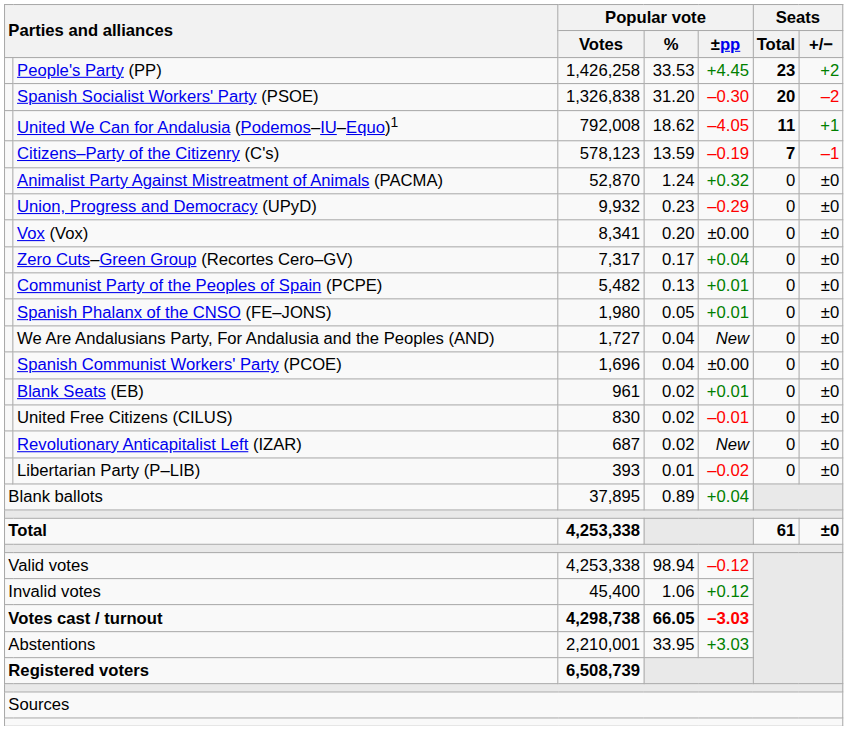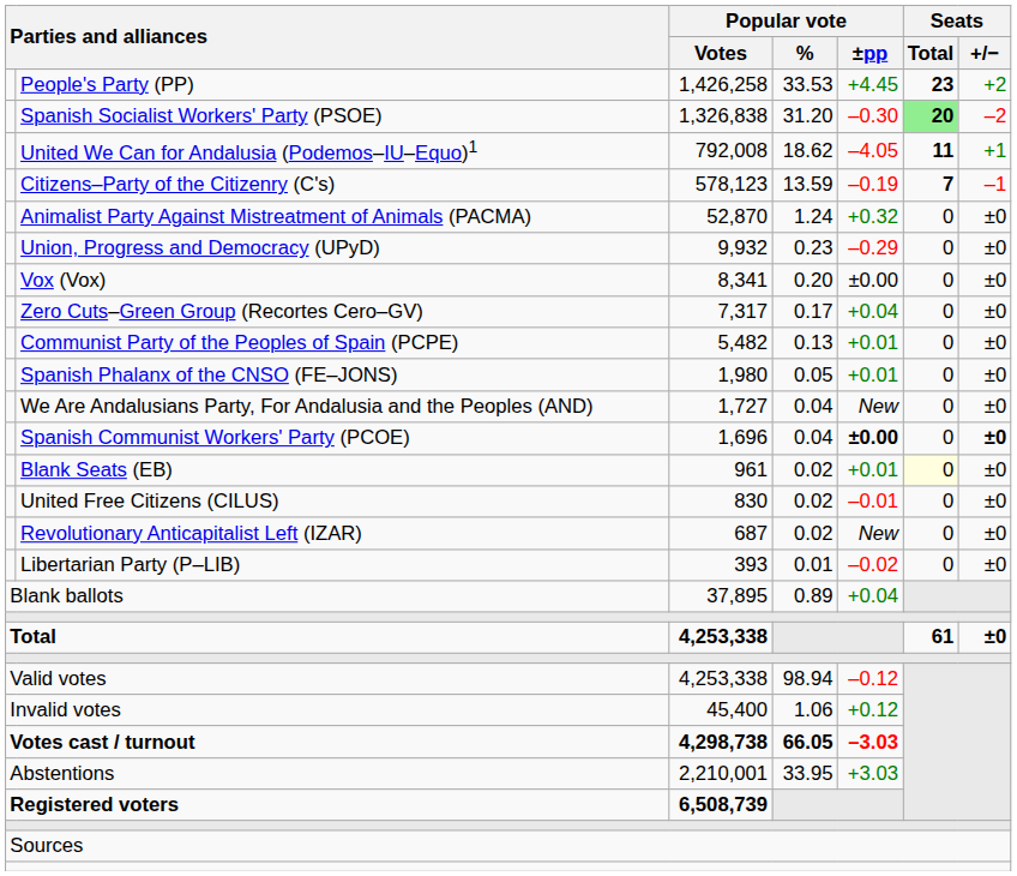 <table class="wikitable" style="text-align:right;">
 <tr>
 <th style="text-align:left;" rowspan="2" colspan="2" width="525">Parties and alliances</th>
 <th colspan="3">Popular vote</th>
 <th colspan="2">Seats</th>
 </tr>
 <tr>
 <th width="75">Votes</th>
 <th width="45">%</th>
 <th width="45">±<a href='#'>pp</a></th>
 <th width="35">Total</th>
 <th width="35">+/−</th>
 </tr>
 <tr>
 <td width="1" style="color:inherit;background:"></td>
 <td align="left"><a href='#'>People's Party</a> (PP)</td>
 <td>1,426,258</td>
 <td>33.53</td>
 <td style="color:green;">+4.45</td>
 <td><strong>23</strong></td>
 <td style="color:green;">+2</td>
 </tr>
 <tr>
 <td style="color:inherit;background:"></td>
 <td align="left"><a href='#'>Spanish Socialist Workers' Party</a> (PSOE)</td>
 <td>1,326,838</td>
 <td>31.20</td>
 <td style="color:red;">–0.30</td>
-<td><strong>20</strong></td>
+<td style="background: lightgreen;"><strong>20</strong></td>
 <td style="color:red;">–2</td>
 </tr>
 <tr>
 <td style="color:inherit;background:"></td>
 <td align="left"><a href='#'>United We Can for Andalusia</a> (<a href='#'>Podemos</a>–<a href='#'>IU</a>–<a href='#'>Equo</a>)<sup>1</sup></td>
 <td>792,008</td>
 <td>18.62</td>
 <td style="color:red;">–4.05</td>
 <td><strong>11</strong></td>
 <td style="color:green;">+1</td>
 </tr>
 <tr>
 <td style="color:inherit;background:"></td>
 <td align="left"><a href='#'>Citizens–Party of the Citizenry</a> (C's)</td>
 <td>578,123</td>
 <td>13.59</td>
 <td style="color:red;">–0.19</td>
 <td><strong>7</strong></td>
 <td style="color:red;">–1</td>
 </tr>
 <tr>
 <td style="color:inherit;background:"></td>
 <td align="left"><a href='#'>Animalist Party Against Mistreatment of Animals</a> (PACMA)</td>
 <td>52,870</td>
 <td>1.24</td>
 <td style="color:green;">+0.32</td>
 <td>0</td>
 <td>±0</td>
 </tr>
 <tr>
 <td style="color:inherit;background:"></td>
 <td align="left"><a href='#'>Union, Progress and Democracy</a> (UPyD)</td>
 <td>9,932</td>
 <td>0.23</td>
 <td style="color:red;">–0.29</td>
 <td>0</td>
 <td>±0</td>
 </tr>
 <tr>
 <td style="color:inherit;background:"></td>
 <td align="left"><a href='#'>Vox</a> (Vox)</td>
 <td>8,341</td>
 <td>0.20</td>
 <td>±0.00</td>
 <td>0</td>
 <td>±0</td>
 </tr>
 <tr>
 <td style="color:inherit;background:"></td>
 <td align="left"><a href='#'>Zero Cuts</a>–<a href='#'>Green Group</a> (Recortes Cero–GV)</td>
 <td>7,317</td>
 <td>0.17</td>
 <td style="color:green;">+0.04</td>
 <td>0</td>
 <td>±0</td>
 </tr>
 <tr>
 <td style="color:inherit;background:"></td>
 <td align="left"><a href='#'>Communist Party of the Peoples of Spain</a> (PCPE)</td>
 <td>5,482</td>
 <td>0.13</td>
 <td style="color:green;">+0.01</td>
 <td>0</td>
 <td>±0</td>
 </tr>
 <tr>
 <td style="color:inherit;background:"></td>
 <td align="left"><a href='#'>Spanish Phalanx of the CNSO</a> (FE–JONS)</td>
 <td>1,980</td>
 <td>0.05</td>
 <td style="color:green;">+0.01</td>
 <td>0</td>
 <td>±0</td>
 </tr>
 <tr>
 <td style="color:inherit;background:"></td>
 <td align="left">We Are Andalusians Party, For Andalusia and the Peoples (AND)</td>
 <td>1,727</td>
 <td>0.04</td>
 <td><em>New</em></td>
 <td>0</td>
 <td>±0</td>
 </tr>
 <tr>
 <td style="color:inherit;background:"></td>
 <td align="left"><a href='#'>Spanish Communist Workers' Party</a> (PCOE)</td>
 <td>1,696</td>
 <td>0.04</td>
-<td>±0.00</td>
+<td><strong>±0.00</strong></td>
 <td>0</td>
-<td>±0</td>
+<td><strong>±0</strong></td>
 </tr>
 <tr>
 <td style="color:inherit;background:"></td>
 <td align="left"><a href='#'>Blank Seats</a> (EB)</td>
 <td>961</td>
 <td>0.02</td>
 <td style="color:green;">+0.01</td>
-<td>0</td>
+<td style="background: lightyellow;">0</td>
 <td>±0</td>
 </tr>
 <tr>
 <td style="color:inherit;background:"></td>
 <td align="left">United Free Citizens (CILUS)</td>
 <td>830</td>
 <td>0.02</td>
 <td style="color:red;">–0.01</td>
 <td>0</td>
 <td>±0</td>
 </tr>
 <tr>
 <td style="color:inherit;background:"></td>
 <td align="left"><a href='#'>Revolutionary Anticapitalist Left</a> (IZAR)</td>
 <td>687</td>
 <td>0.02</td>
 <td><em>New</em></td>
 <td>0</td>
 <td>±0</td>
 </tr>
 <tr>
 <td style="color:inherit;background:"></td>
 <td align="left">Libertarian Party (P–LIB)</td>
 <td>393</td>
 <td>0.01</td>
 <td style="color:red;">–0.02</td>
 <td>0</td>
 <td>±0</td>
 </tr>
 <tr>
 <td align="left" colspan="2">Blank ballots</td>
 <td>37,895</td>
 <td>0.89</td>
 <td style="color:green;">+0.04</td>
 <td bgcolor="#E9E9E9" colspan="2"></td>
 </tr>
 <tr>
 <td colspan="7" bgcolor="#E9E9E9"></td>
 </tr>
 <tr style="font-weight:bold;">
 <td align="left" colspan="2">Total</td>
 <td>4,253,338</td>
 <td bgcolor="#E9E9E9" colspan="2"></td>
 <td>61</td>
 <td>±0</td>
 </tr>
 <tr>
 <td colspan="7" bgcolor="#E9E9E9"></td>
 </tr>
 <tr>
 <td align="left" colspan="2">Valid votes</td>
 <td>4,253,338</td>
 <td>98.94</td>
 <td style="color:red;">–0.12</td>
 <td bgcolor="#E9E9E9" colspan="2" rowspan="5"></td>
 </tr>
 <tr>
 <td align="left" colspan="2">Invalid votes</td>
 <td>45,400</td>
 <td>1.06</td>
 <td style="color:green;">+0.12</td>
 </tr>
 <tr style="font-weight:bold;">
 <td align="left" colspan="2">Votes cast / turnout</td>
 <td>4,298,738</td>
 <td>66.05</td>
 <td style="color:red;">–3.03</td>
 </tr>
 <tr>
 <td align="left" colspan="2">Abstentions</td>
 <td>2,210,001</td>
 <td>33.95</td>
 <td style="color:green;">+3.03</td>
 </tr>
 <tr style="font-weight:bold;">
 <td align="left" colspan="2">Registered voters</td>
 <td>6,508,739</td>
 <td bgcolor="#E9E9E9" colspan="2"></td>
 </tr>
 <tr>
 <td colspan="7" bgcolor="#E9E9E9"></td>
 </tr>
 <tr>
 <td align="left" colspan="7">Sources</td>
 </tr>
 <tr>
 <td colspan="7" style="text-align:left; max-width:790px;"></td>
 </tr>
 </table>
